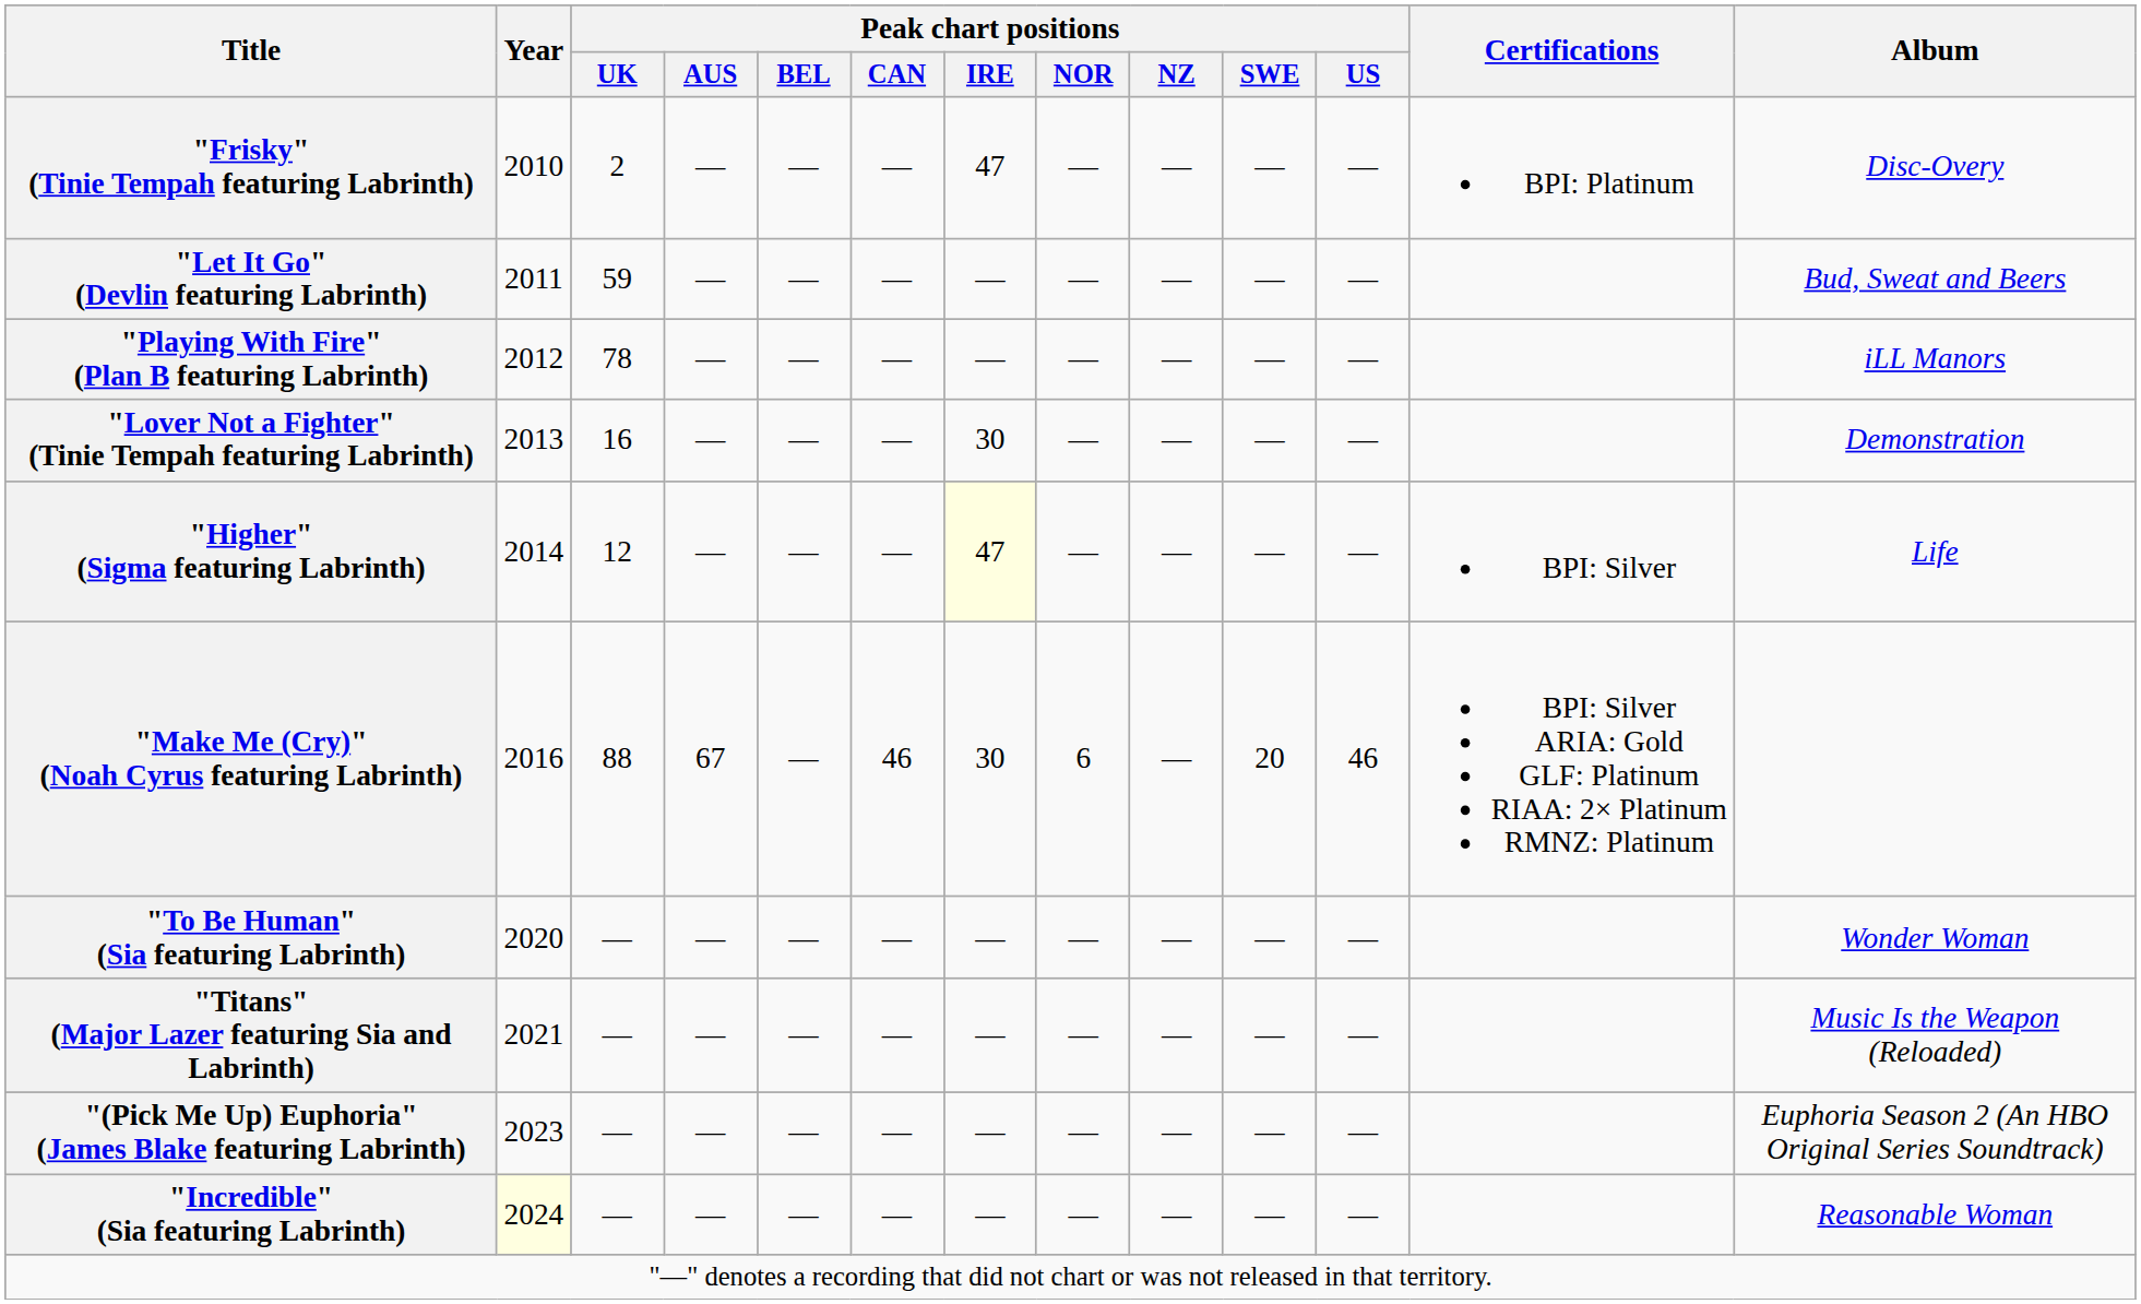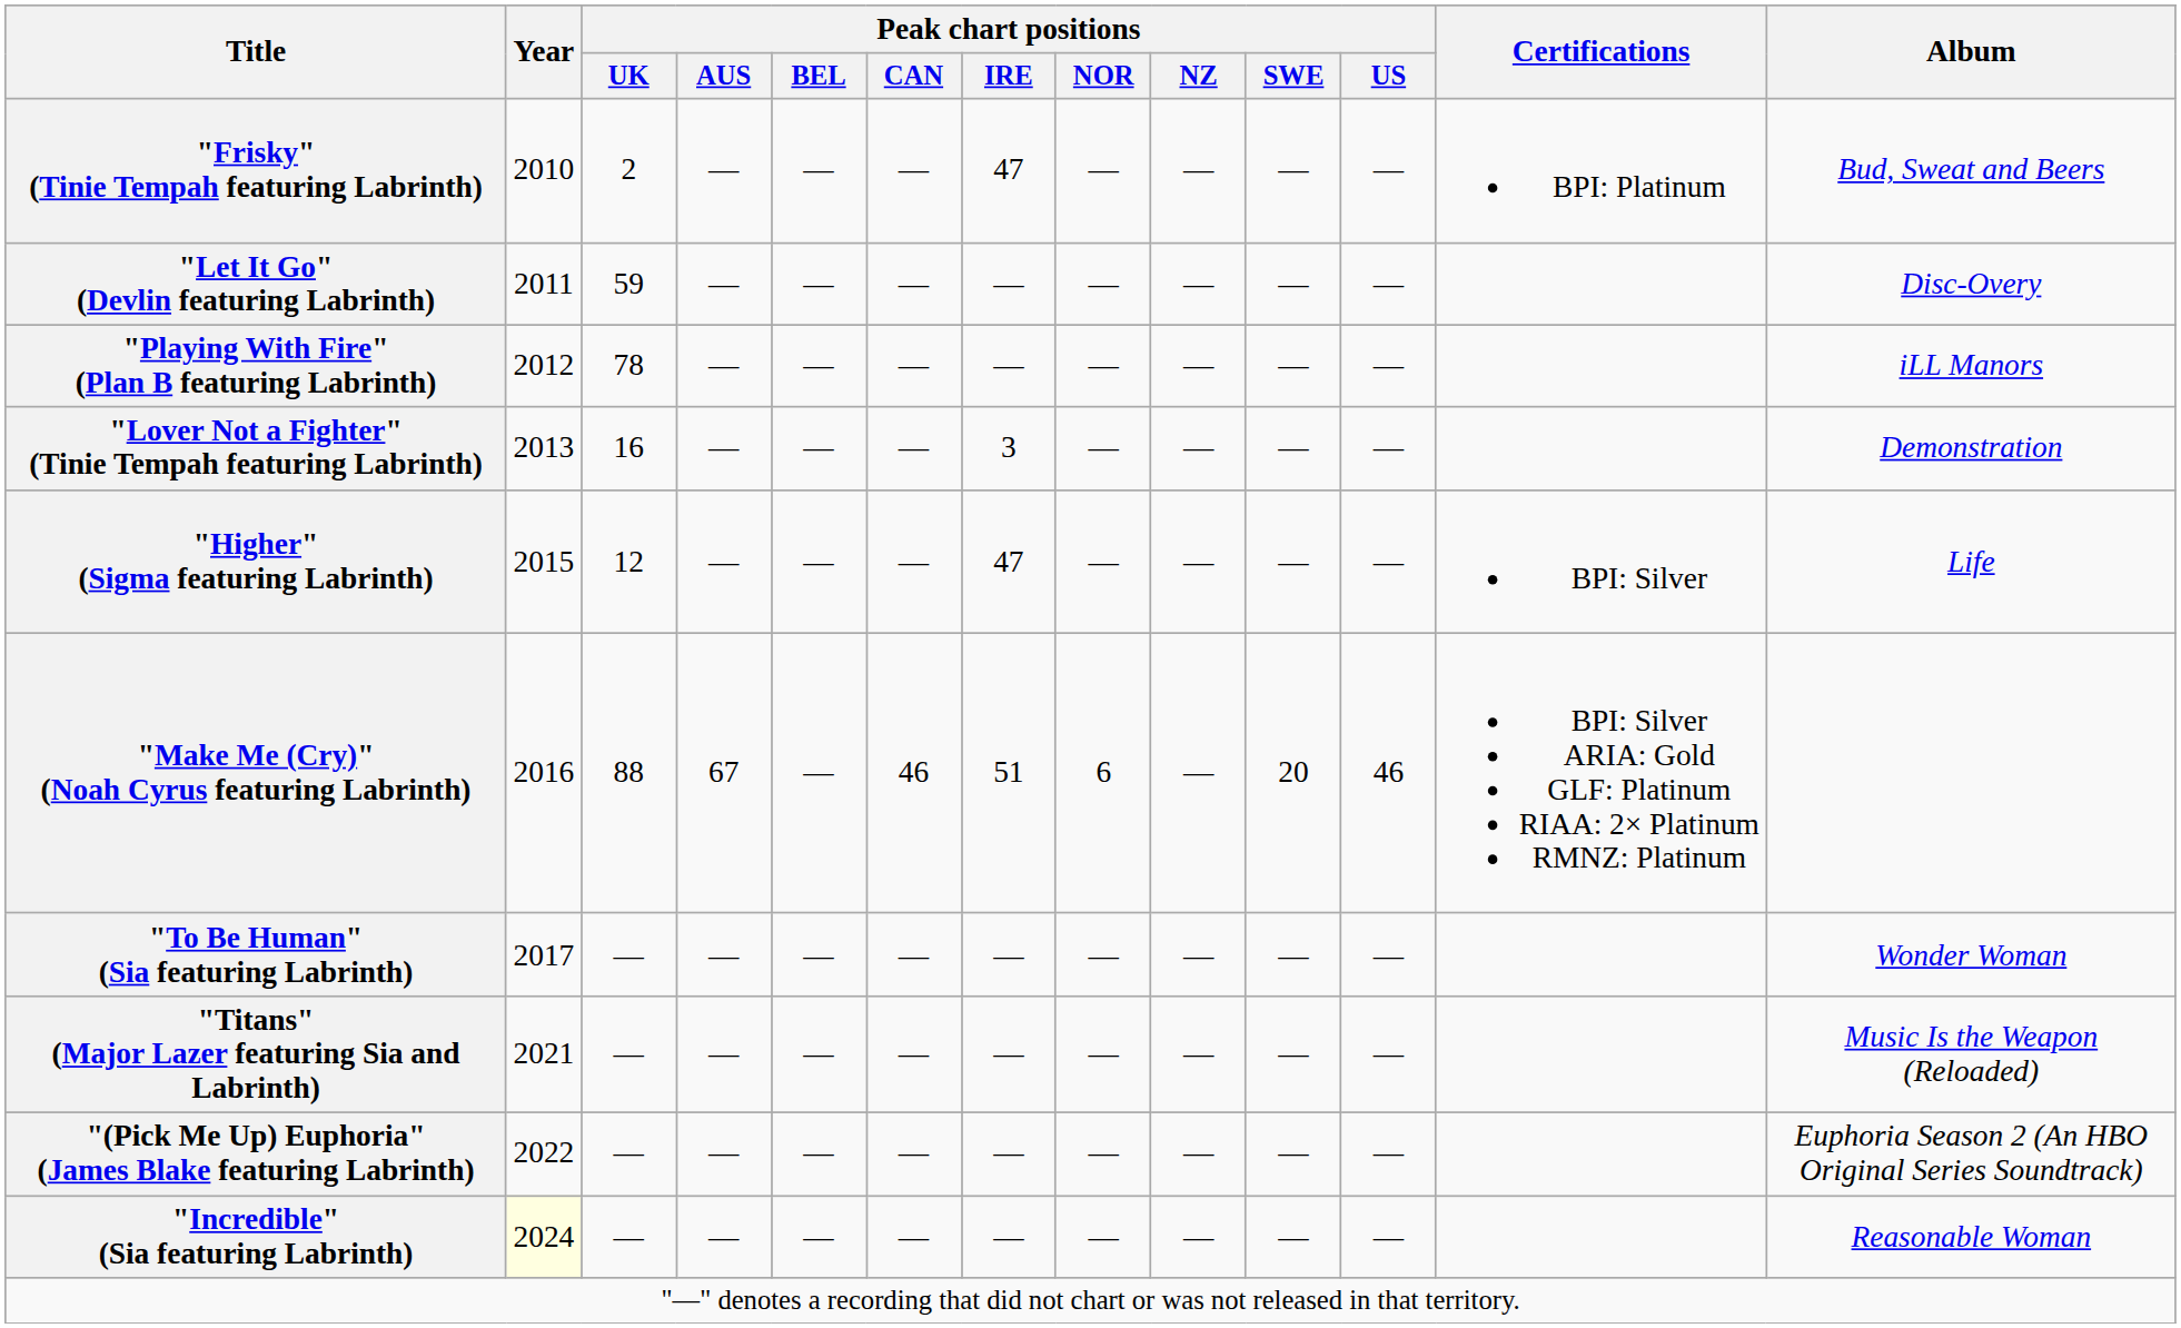 <table class="wikitable plainrowheaders" style="text-align:center;">
 <tr>
 <th scope="col" rowspan="2" style="width:16em;">Title</th>
 <th scope="col" rowspan="2" style="width:1em;">Year</th>
 <th scope="col" colspan="9">Peak chart positions</th>
 <th scope="col" rowspan="2"><a href='#'>Certifications</a></th>
 <th scope="col" rowspan="2" style="width:13em;">Album</th>
 </tr>
 <tr>
 <th scope="col" style="width:3em;font-size:90%;"><a href='#'>UK</a><br></th>
 <th scope="col" style="width:3em;font-size:90%;"><a href='#'>AUS</a><br></th>
 <th scope="col" style="width:3em;font-size:90%;"><a href='#'>BEL</a><br></th>
 <th scope="col" style="width:3em;font-size:90%;"><a href='#'>CAN</a><br></th>
 <th scope="col" style="width:3em;font-size:90%;"><a href='#'>IRE</a><br></th>
 <th scope="col" style="width:3em;font-size:90%;"><a href='#'>NOR</a><br></th>
 <th scope="col" style="width:3em;font-size:90%;"><a href='#'>NZ</a><br></th>
 <th scope="col" style="width:3em;font-size:90%;"><a href='#'>SWE</a><br></th>
 <th scope="col" style="width:3em;font-size:90%;"><a href='#'>US</a><br></th>
 </tr>
 <tr>
 <th scope="row">"<a href='#'>Frisky</a>"<br><span>(<a href='#'>Tinie Tempah</a> featuring Labrinth)</span></th>
 <td>2010</td>
 <td>2</td>
 <td>—</td>
 <td>—</td>
 <td>—</td>
 <td>47</td>
 <td>—</td>
 <td>—</td>
 <td>—</td>
 <td>—</td>
 <td><br><ul><li>BPI: Platinum</li></ul></td>
-<td><em><a href='#'>Disc-Overy</a></em></td>
+<td><em><a href='#'>Bud, Sweat and Beers</a></em></td>
 </tr>
 <tr>
 <th scope="row">"<a href='#'>Let It Go</a>"<br><span>(<a href='#'>Devlin</a> featuring Labrinth)</span></th>
 <td>2011</td>
 <td>59</td>
 <td>—</td>
 <td>—</td>
 <td>—</td>
 <td>—</td>
 <td>—</td>
 <td>—</td>
 <td>—</td>
 <td>—</td>
 <td></td>
-<td><em><a href='#'>Bud, Sweat and Beers</a></em></td>
+<td><em><a href='#'>Disc-Overy</a></em></td>
 </tr>
 <tr>
 <th scope="row">"<a href='#'>Playing With Fire</a>"<br><span>(<a href='#'>Plan B</a> featuring Labrinth)</span></th>
 <td>2012</td>
 <td>78</td>
 <td>—</td>
 <td>—</td>
 <td>—</td>
 <td>—</td>
 <td>—</td>
 <td>—</td>
 <td>—</td>
 <td>—</td>
 <td></td>
 <td><em><a href='#'>iLL Manors</a></em></td>
 </tr>
 <tr>
 <th scope="row">"<a href='#'>Lover Not a Fighter</a>"<br><span>(Tinie Tempah featuring Labrinth)</span></th>
 <td>2013</td>
 <td>16</td>
 <td>—</td>
 <td>—</td>
 <td>—</td>
-<td>30</td>
+<td>3</td>
 <td>—</td>
 <td>—</td>
 <td>—</td>
 <td>—</td>
 <td></td>
 <td><em><a href='#'>Demonstration</a></em></td>
 </tr>
 <tr>
 <th scope="row">"<a href='#'>Higher</a>"<br><span>(<a href='#'>Sigma</a> featuring Labrinth)</span></th>
-<td>2014</td>
+<td>2015</td>
 <td>12</td>
 <td>—</td>
 <td>—</td>
 <td>—</td>
-<td style="background: lightyellow;">47</td>
+<td>47</td>
 <td>—</td>
 <td>—</td>
 <td>—</td>
 <td>—</td>
 <td><br><ul><li>BPI: Silver</li></ul></td>
 <td><em><a href='#'>Life</a></em></td>
 </tr>
 <tr>
 <th scope="row">"<a href='#'>Make Me (Cry)</a>" <br><span>(<a href='#'>Noah Cyrus</a> featuring Labrinth)</span></th>
 <td>2016</td>
 <td>88</td>
 <td>67</td>
 <td>—</td>
 <td>46</td>
-<td>30</td>
+<td>51</td>
 <td>6</td>
 <td>—</td>
 <td>20</td>
 <td>46</td>
 <td><br><ul><li>BPI: Silver</li><li>ARIA: Gold</li><li>GLF: Platinum</li><li>RIAA: 2× Platinum</li><li>RMNZ: Platinum</li></ul></td>
 <td></td>
 </tr>
 <tr>
 <th scope="row">"<a href='#'>To Be Human</a>" <br><span>(<a href='#'>Sia</a> featuring Labrinth)</span></th>
-<td>2020</td>
+<td>2017</td>
 <td>—</td>
 <td>—</td>
 <td>—</td>
 <td>—</td>
 <td>—</td>
 <td>—</td>
 <td>—</td>
 <td>—</td>
 <td>—</td>
 <td></td>
 <td><em><a href='#'>Wonder Woman</a></em></td>
 </tr>
 <tr>
 <th scope="row">"Titans"<br><span>(<a href='#'>Major Lazer</a> featuring Sia and Labrinth)</span></th>
 <td>2021</td>
 <td>—</td>
 <td>—</td>
 <td>—</td>
 <td>—</td>
 <td>—</td>
 <td>—</td>
 <td>—</td>
 <td>—</td>
 <td>—</td>
 <td></td>
 <td><em><a href='#'>Music Is the Weapon</a> (Reloaded)</em></td>
 </tr>
 <tr>
 <th scope="row">"(Pick Me Up) Euphoria"<br><span>(<a href='#'>James Blake</a> featuring Labrinth)</span></th>
-<td rowspan="1">2023</td>
+<td rowspan="1">2022</td>
 <td>—</td>
 <td>—</td>
 <td>—</td>
 <td>—</td>
 <td>—</td>
 <td>—</td>
 <td>—</td>
 <td>—</td>
 <td>—</td>
 <td></td>
 <td><em>Euphoria Season 2 (An HBO Original Series Soundtrack)</em></td>
 </tr>
 <tr>
 <th scope="row">"<a href='#'>Incredible</a>" <br><span>(Sia featuring Labrinth)</span></th>
 <td style="background: lightyellow;">2024</td>
 <td>—</td>
 <td>—</td>
 <td>—</td>
 <td>—</td>
 <td>—</td>
 <td>—</td>
 <td>—</td>
 <td>—</td>
 <td>—</td>
 <td></td>
 <td><em><a href='#'>Reasonable Woman</a></em></td>
 </tr>
 <tr>
 <td colspan="15" style="font-size:90%">"—" denotes a recording that did not chart or was not released in that territory.</td>
 </tr>
 </table>
